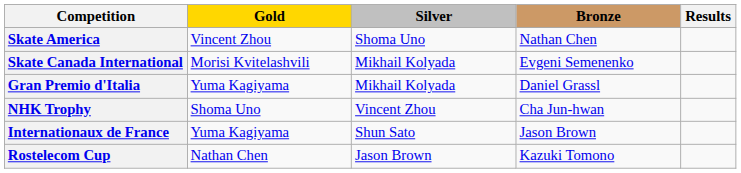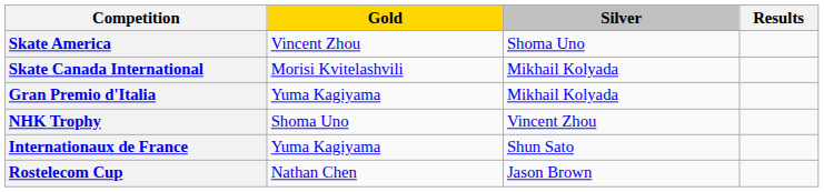 <table class="wikitable unsortable" style="text-align:left; width:90%">
 <tr>
 <th scope="col" style="text-align:center; width:25%;">Competition</th>
 <td scope="col" style="text-align:center; width:22.5%; background:gold"><strong>Gold</strong></td>
 <td scope="col" style="text-align:center; width:22.5%; background:silver"><strong>Silver</strong></td>
-<td scope="col" style="text-align:center; width:22.5%; background:#c96"><strong>Bronze</strong></td>
 <th scope="col" style="text-align:center; width:7.5%;">Results</th>
 </tr>
 <tr>
 <th scope="row" style="text-align:left"> <a href='#'>Skate America</a></th>
 <td> <a href='#'>Vincent Zhou</a></td>
 <td> <a href='#'>Shoma Uno</a></td>
-<td> <a href='#'>Nathan Chen</a></td>
 <td></td>
 </tr>
 <tr>
 <th scope="row" style="text-align:left"> <a href='#'>Skate Canada International</a></th>
 <td> <a href='#'>Morisi Kvitelashvili</a></td>
 <td> <a href='#'>Mikhail Kolyada</a></td>
-<td> <a href='#'>Evgeni Semenenko</a></td>
 <td></td>
 </tr>
 <tr>
 <th scope="row" style="text-align:left"> <a href='#'>Gran Premio d'Italia</a></th>
 <td> <a href='#'>Yuma Kagiyama</a></td>
 <td> <a href='#'>Mikhail Kolyada</a></td>
-<td> <a href='#'>Daniel Grassl</a></td>
 <td></td>
 </tr>
 <tr>
 <th scope="row" style="text-align:left"> <a href='#'>NHK Trophy</a></th>
 <td> <a href='#'>Shoma Uno</a></td>
 <td> <a href='#'>Vincent Zhou</a></td>
-<td> <a href='#'>Cha Jun-hwan</a></td>
 <td></td>
 </tr>
 <tr>
 <th scope="row" style="text-align:left"> <a href='#'>Internationaux de France</a></th>
 <td> <a href='#'>Yuma Kagiyama</a></td>
 <td> <a href='#'>Shun Sato</a></td>
-<td> <a href='#'>Jason Brown</a></td>
 <td></td>
 </tr>
 <tr>
 <th scope="row" style="text-align:left"> <a href='#'>Rostelecom Cup</a></th>
 <td> <a href='#'>Nathan Chen</a></td>
 <td> <a href='#'>Jason Brown</a></td>
-<td> <a href='#'>Kazuki Tomono</a></td>
 <td></td>
 </tr>
 </table>
